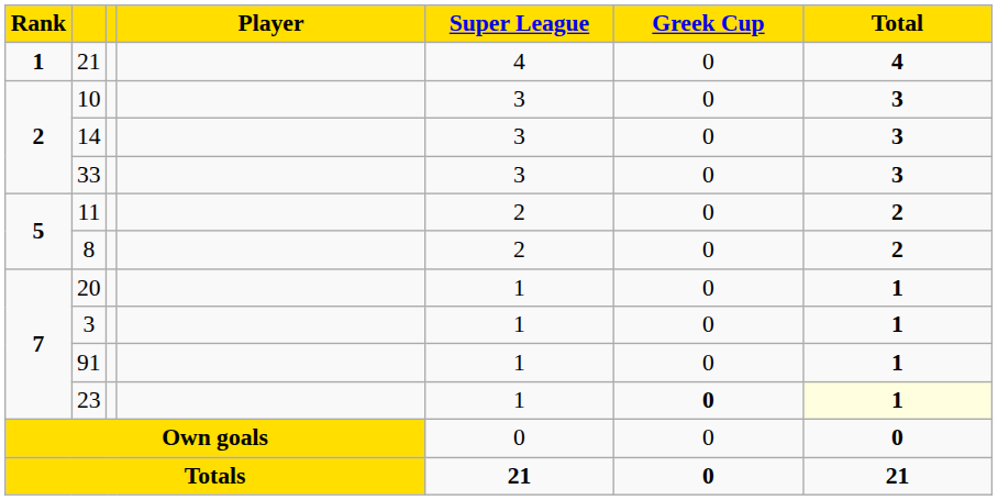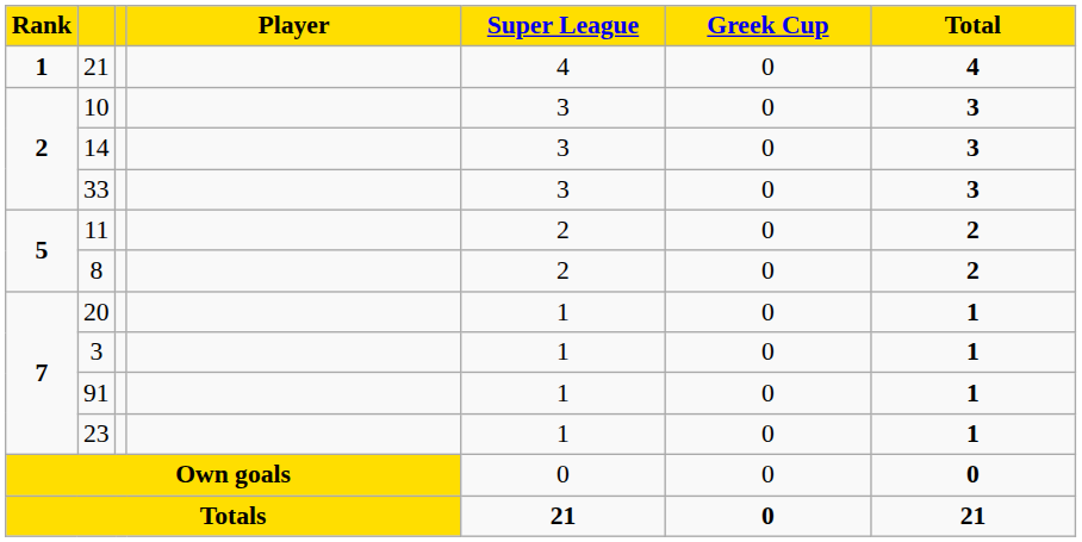 <table class="wikitable sortable" style="text-align: center">
 <tr>
 <th style="background:#FFDE00">Rank</th>
 <th style="background:#FFDE00"></th>
 <th style="background:#FFDE00"></th>
 <th width=200 style="background:#FFDE00">Player</th>
 <th width=120 style="background:#FFDE00"><a href='#'>Super League</a></th>
 <th width=120 style="background:#FFDE00"><a href='#'>Greek Cup</a></th>
 <th width=120 style="background:#FFDE00">Total</th>
 </tr>
 <tr>
 <td><strong>1</strong></td>
 <td>21</td>
 <td></td>
 <td align=left></td>
 <td>4</td>
 <td>0</td>
 <td><strong>4</strong></td>
 </tr>
 <tr>
 <td rowspan=3><strong>2</strong></td>
 <td>10</td>
 <td></td>
 <td align=left></td>
 <td>3</td>
 <td>0</td>
 <td><strong>3</strong></td>
 </tr>
 <tr>
 <td>14</td>
 <td></td>
 <td align=left></td>
 <td>3</td>
 <td>0</td>
 <td><strong>3</strong></td>
 </tr>
 <tr>
 <td>33</td>
 <td></td>
 <td align=left></td>
 <td>3</td>
 <td>0</td>
 <td><strong>3</strong></td>
 </tr>
 <tr>
 <td rowspan=2><strong>5</strong></td>
 <td>11</td>
 <td></td>
 <td align=left></td>
 <td>2</td>
 <td>0</td>
 <td><strong>2</strong></td>
 </tr>
 <tr>
 <td>8</td>
 <td></td>
 <td align=left></td>
 <td>2</td>
 <td>0</td>
 <td><strong>2</strong></td>
 </tr>
 <tr>
 <td rowspan=4><strong>7</strong></td>
 <td>20</td>
 <td></td>
 <td align=left></td>
 <td>1</td>
 <td>0</td>
 <td><strong>1</strong></td>
 </tr>
 <tr>
 <td>3</td>
 <td></td>
 <td align=left></td>
 <td>1</td>
 <td>0</td>
 <td><strong>1</strong></td>
 </tr>
 <tr>
 <td>91</td>
 <td></td>
 <td align=left></td>
 <td>1</td>
 <td>0</td>
 <td><strong>1</strong></td>
 </tr>
 <tr>
 <td>23</td>
 <td></td>
 <td align=left></td>
 <td>1</td>
-<td><strong>0</strong></td>
-<td style="background: lightyellow;"><strong>1</strong></td>
+<td>0</td>
+<td><strong>1</strong></td>
 </tr>
 <tr class="sortbottom">
 <td colspan=4 style="background:#FFDE00"><strong>Own goals</strong></td>
 <td>0</td>
 <td>0</td>
 <td><strong>0</strong></td>
 </tr>
 <tr class="sortbottom">
 <th colspan=4 style="background:#FFDE00"><strong>Totals</strong></th>
 <td><strong>21</strong></td>
 <td><strong> 0</strong></td>
 <td><strong>21</strong></td>
 </tr>
 </table>
